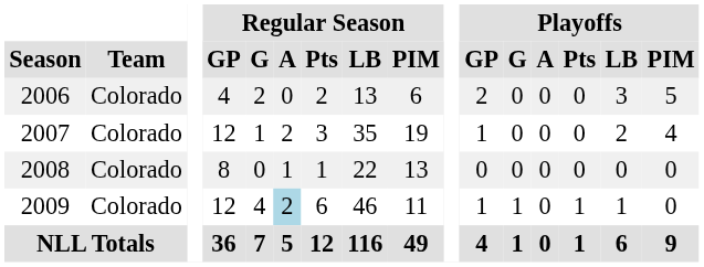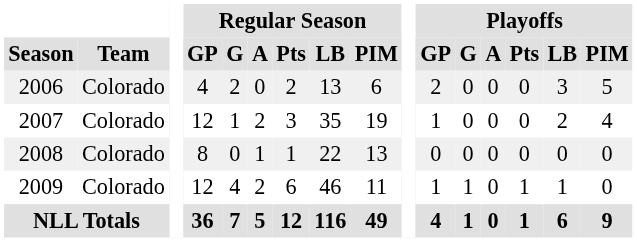 <table BORDER="0" CELLPADDING="3" CELLSPACING="0">
 <tr ALIGN="center" bgcolor="#e0e0e0">
 <th colspan="2" bgcolor="#ffffff"> </th>
 <th rowspan="99" bgcolor="#ffffff"> </th>
 <th colspan="6">Regular Season</th>
 <th rowspan="99" bgcolor="#ffffff"> </th>
 <th colspan="6">Playoffs</th>
 </tr>
 <tr ALIGN="center" bgcolor="#e0e0e0">
 <th>Season</th>
 <th>Team</th>
 <th>GP</th>
 <th>G</th>
 <th>A</th>
 <th>Pts</th>
 <th>LB</th>
 <th>PIM</th>
 <th>GP</th>
 <th>G</th>
 <th>A</th>
 <th>Pts</th>
 <th>LB</th>
 <th>PIM</th>
 </tr>
 <tr ALIGN="center" bgcolor="#f0f0f0">
 <td>2006</td>
 <td>Colorado</td>
 <td>4</td>
 <td>2</td>
 <td>0</td>
 <td>2</td>
 <td>13</td>
 <td>6</td>
 <td>2</td>
 <td>0</td>
 <td>0</td>
 <td>0</td>
 <td>3</td>
 <td>5</td>
 </tr>
 <tr ALIGN="center">
 <td>2007</td>
 <td>Colorado</td>
 <td>12</td>
 <td>1</td>
 <td>2</td>
 <td>3</td>
 <td>35</td>
 <td>19</td>
 <td>1</td>
 <td>0</td>
 <td>0</td>
 <td>0</td>
 <td>2</td>
 <td>4</td>
 </tr>
 <tr ALIGN="center" bgcolor="#f0f0f0">
 <td>2008</td>
 <td>Colorado</td>
 <td>8</td>
 <td>0</td>
 <td>1</td>
 <td>1</td>
 <td>22</td>
 <td>13</td>
 <td>0</td>
 <td>0</td>
 <td>0</td>
 <td>0</td>
 <td>0</td>
 <td>0</td>
 </tr>
 <tr ALIGN="center">
 <td>2009</td>
 <td>Colorado</td>
 <td>12</td>
 <td>4</td>
-<td style="background: lightblue;">2</td>
+<td>2</td>
 <td>6</td>
 <td>46</td>
 <td>11</td>
 <td>1</td>
 <td>1</td>
 <td>0</td>
 <td>1</td>
 <td>1</td>
 <td>0</td>
 </tr>
 <tr ALIGN="center" bgcolor="#e0e0e0">
 <th colspan="2">NLL Totals</th>
 <th>36</th>
 <th>7</th>
 <th>5</th>
 <th>12</th>
 <th>116</th>
 <th>49</th>
 <th>4</th>
 <th>1</th>
 <th>0</th>
 <th>1</th>
 <th>6</th>
 <th>9</th>
 </tr>
 </table>
